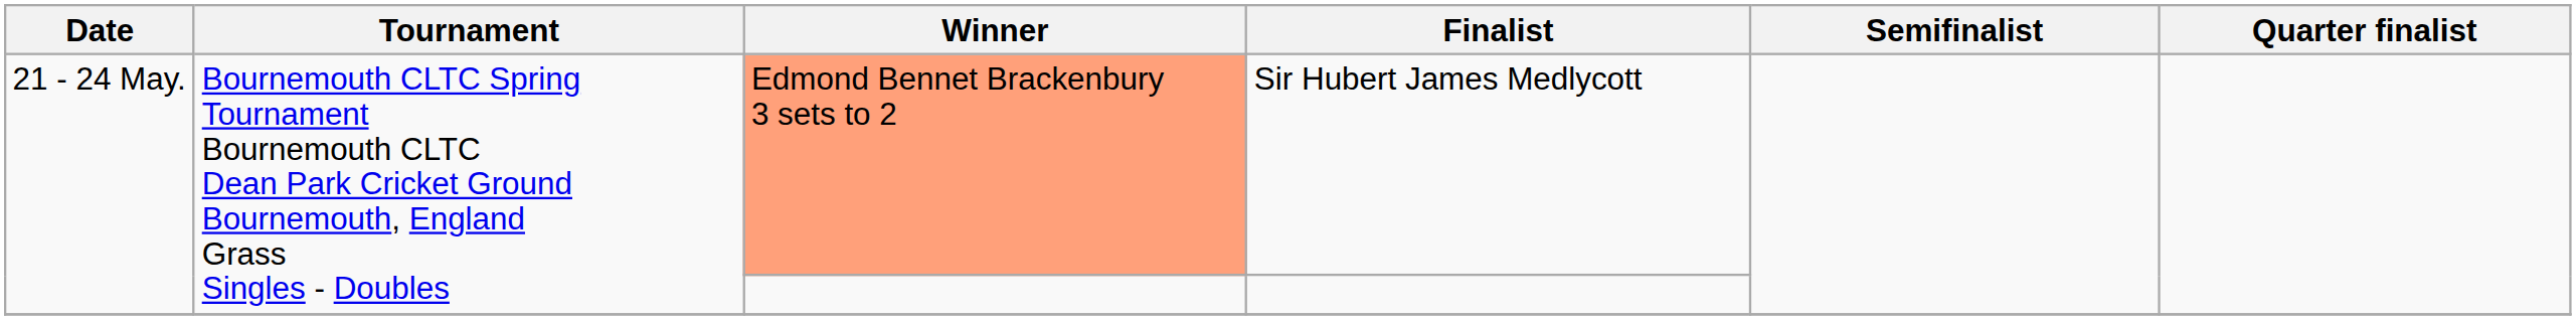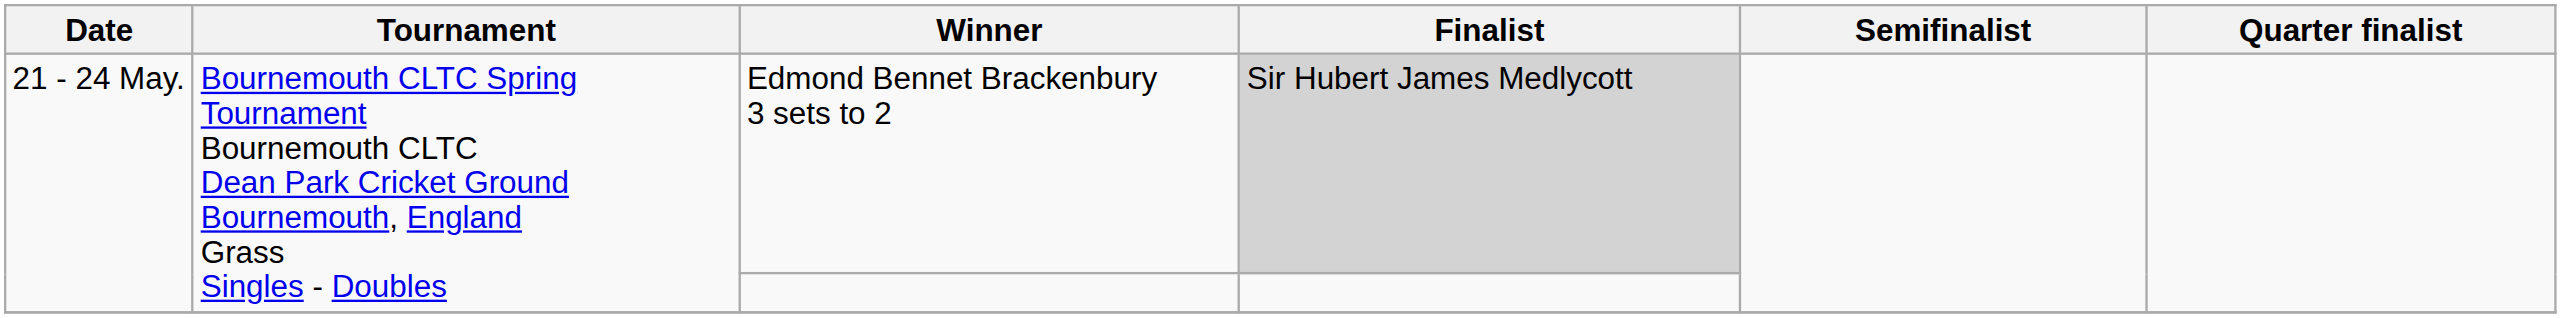 <table class="wikitable" style="font-size:85%;">
 <tr>
 <th width="75">Date</th>
 <th width="230">Tournament</th>
 <th width="210">Winner</th>
 <th width="210">Finalist</th>
 <th width="170">Semifinalist</th>
 <th width="170">Quarter finalist</th>
 </tr>
 <tr valign=top>
 <td rowspan=2>21 - 24 May.</td>
 <td rowspan=2><a href='#'>Bournemouth CLTC Spring Tournament</a><br>Bournemouth CLTC<br><a href='#'>Dean Park Cricket Ground</a><br><a href='#'>Bournemouth</a>, <a href='#'>England</a><br>Grass<br><a href='#'>Singles</a> - <a href='#'>Doubles</a></td>
-<td style="background: lightsalmon;"> Edmond Bennet Brackenbury<br>3 sets to 2</td>
-<td> Sir Hubert James Medlycott</td>
+<td> Edmond Bennet Brackenbury<br>3 sets to 2</td>
+<td style="background: lightgrey;"> Sir Hubert James Medlycott</td>
 <td rowspan=2></td>
 <td rowspan=2></td>
 </tr>
 <tr valign=top>
 <td></td>
 <td></td>
 </tr>
 <tr valign=top>
 </tr>
 </table>
